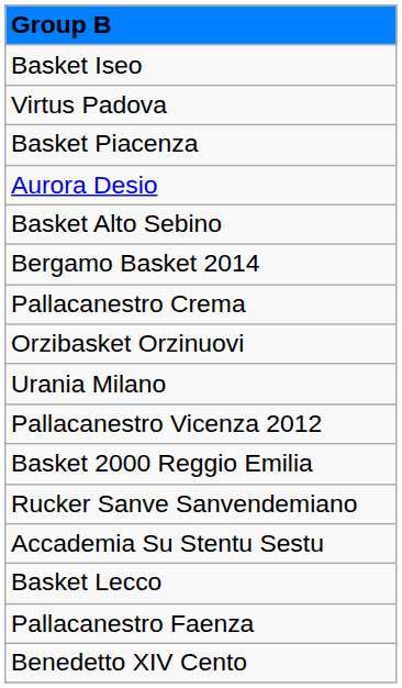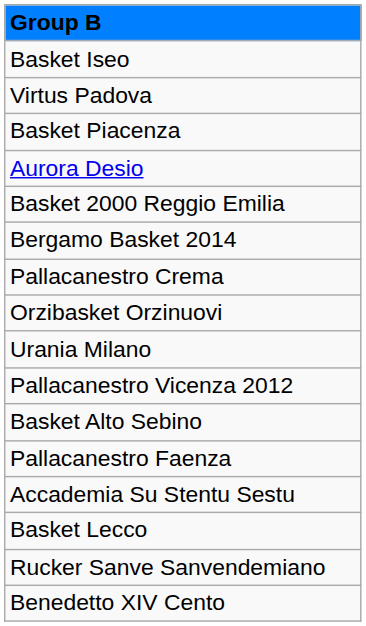 <table class="wikitable" width="250px" align="center" font-size="100%">
 <tr>
 <td style="background-color:#007FFF"><span><strong>Group B</strong></span></td>
 </tr>
 <tr>
 <td>Basket Iseo</td>
 </tr>
 <tr>
 <td>Virtus Padova</td>
 </tr>
 <tr>
 <td>Basket Piacenza</td>
 </tr>
 <tr>
 <td><a href='#'>Aurora Desio</a></td>
 </tr>
 <tr>
-<td>Basket Alto Sebino</td>
+<td>Basket 2000 Reggio Emilia</td>
 </tr>
 <tr>
 <td>Bergamo Basket 2014</td>
 </tr>
 <tr>
 <td>Pallacanestro Crema</td>
 </tr>
 <tr>
 <td>Orzibasket Orzinuovi</td>
 </tr>
 <tr>
 <td>Urania Milano</td>
 </tr>
 <tr>
 <td>Pallacanestro Vicenza 2012</td>
 </tr>
 <tr>
-<td>Basket 2000 Reggio Emilia</td>
+<td>Basket Alto Sebino</td>
 </tr>
 <tr>
-<td>Rucker Sanve Sanvendemiano</td>
+<td>Pallacanestro Faenza</td>
 </tr>
 <tr>
 <td>Accademia Su Stentu Sestu</td>
 </tr>
 <tr>
 <td>Basket Lecco</td>
 </tr>
 <tr>
-<td>Pallacanestro Faenza</td>
+<td>Rucker Sanve Sanvendemiano</td>
 </tr>
 <tr>
 <td>Benedetto XIV Cento</td>
 </tr>
 </table>
